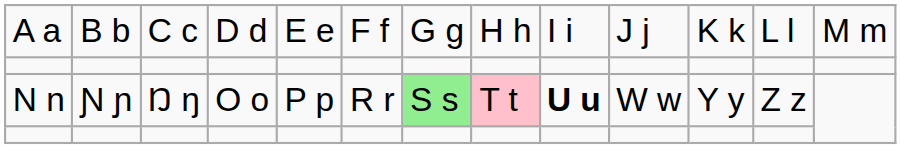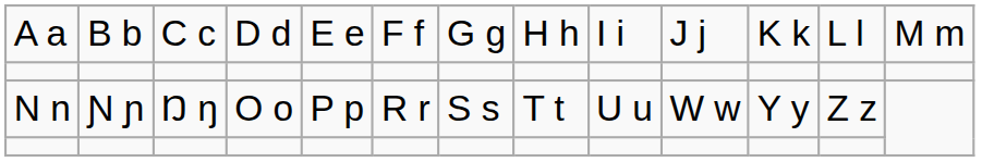 <table class="wikitable">
 <tr>
 <td>A a</td>
 <td>B b</td>
 <td>C c</td>
 <td>D d</td>
 <td>E e</td>
 <td>F f</td>
 <td>G g</td>
 <td>H h</td>
 <td>I i</td>
 <td>J j</td>
 <td>K k</td>
 <td>L l</td>
 <td>M m</td>
 </tr>
 <tr>
 <td></td>
 <td></td>
 <td></td>
 <td></td>
 <td></td>
 <td></td>
 <td></td>
 <td></td>
 <td></td>
 <td></td>
 <td></td>
 <td></td>
 <td></td>
 </tr>
 <tr>
 <td>N n</td>
 <td>Ɲ ɲ</td>
 <td>Ŋ ŋ</td>
 <td>O o</td>
 <td>P p</td>
 <td>R r</td>
-<td style="background: lightgreen;">S s</td>
-<td style="background: pink;">T t</td>
-<td><strong>U u</strong></td>
+<td>S s</td>
+<td>T t</td>
+<td>U u</td>
 <td>W w</td>
 <td>Y y</td>
 <td>Z z</td>
 </tr>
 <tr>
 <td></td>
 <td></td>
 <td></td>
 <td></td>
 <td></td>
 <td></td>
 <td></td>
 <td></td>
 <td></td>
 <td></td>
 <td></td>
 <td></td>
 </tr>
 </table>
